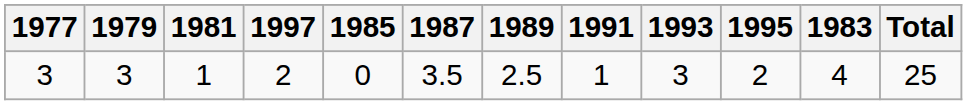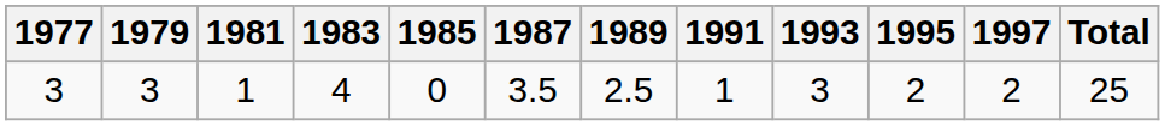 <table class="wikitable" style="text-align:center">
 <tr>
 <th>1977</th>
 <th>1979</th>
 <th>1981</th>
-<th>1997</th>
+<th>1983</th>
 <th>1985</th>
 <th>1987</th>
 <th>1989</th>
 <th>1991</th>
 <th>1993</th>
 <th>1995</th>
-<th>1983</th>
+<th>1997</th>
 <th>Total</th>
 </tr>
 <tr>
 <td>3</td>
 <td>3</td>
 <td>1</td>
-<td>2</td>
+<td>4</td>
 <td>0</td>
 <td>3.5</td>
 <td>2.5</td>
 <td>1</td>
 <td>3</td>
 <td>2</td>
-<td>4</td>
+<td>2</td>
 <td>25</td>
 </tr>
 </table>
